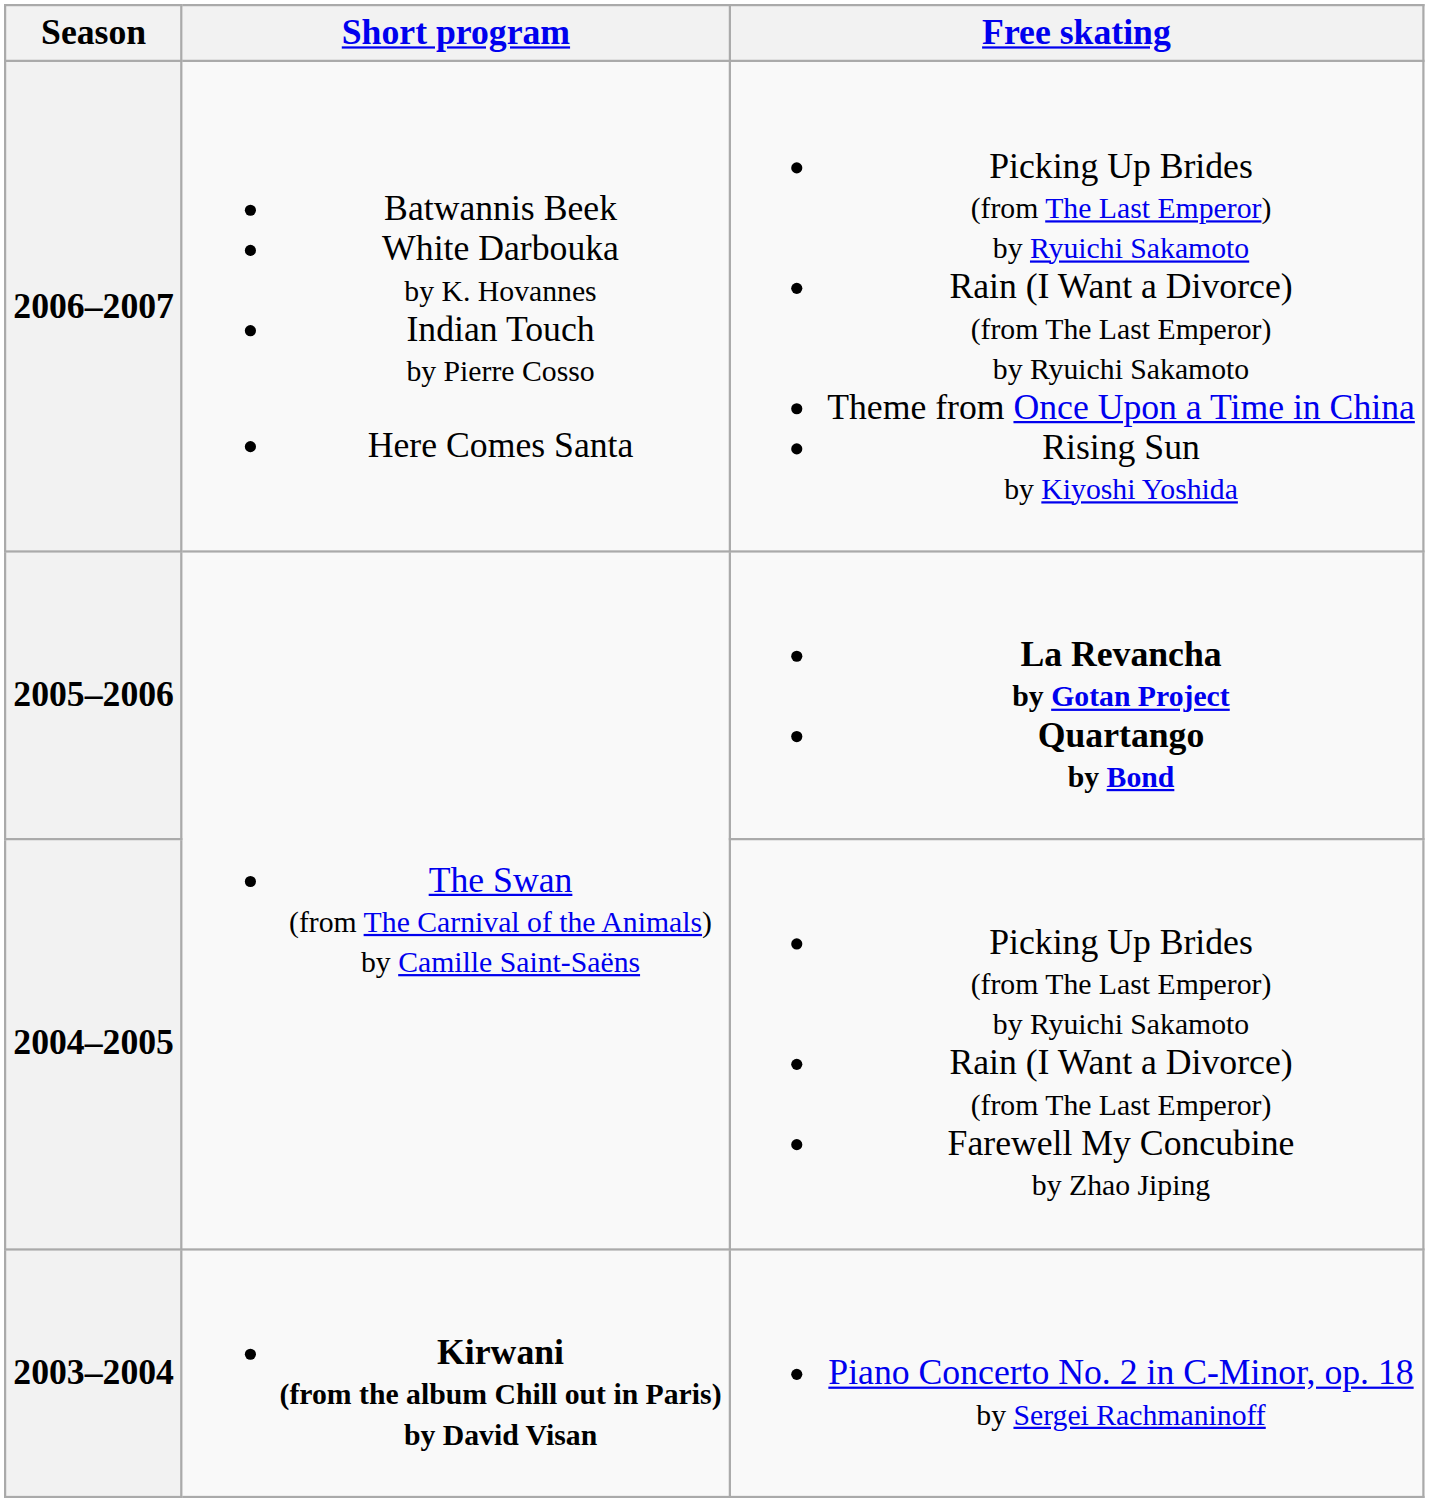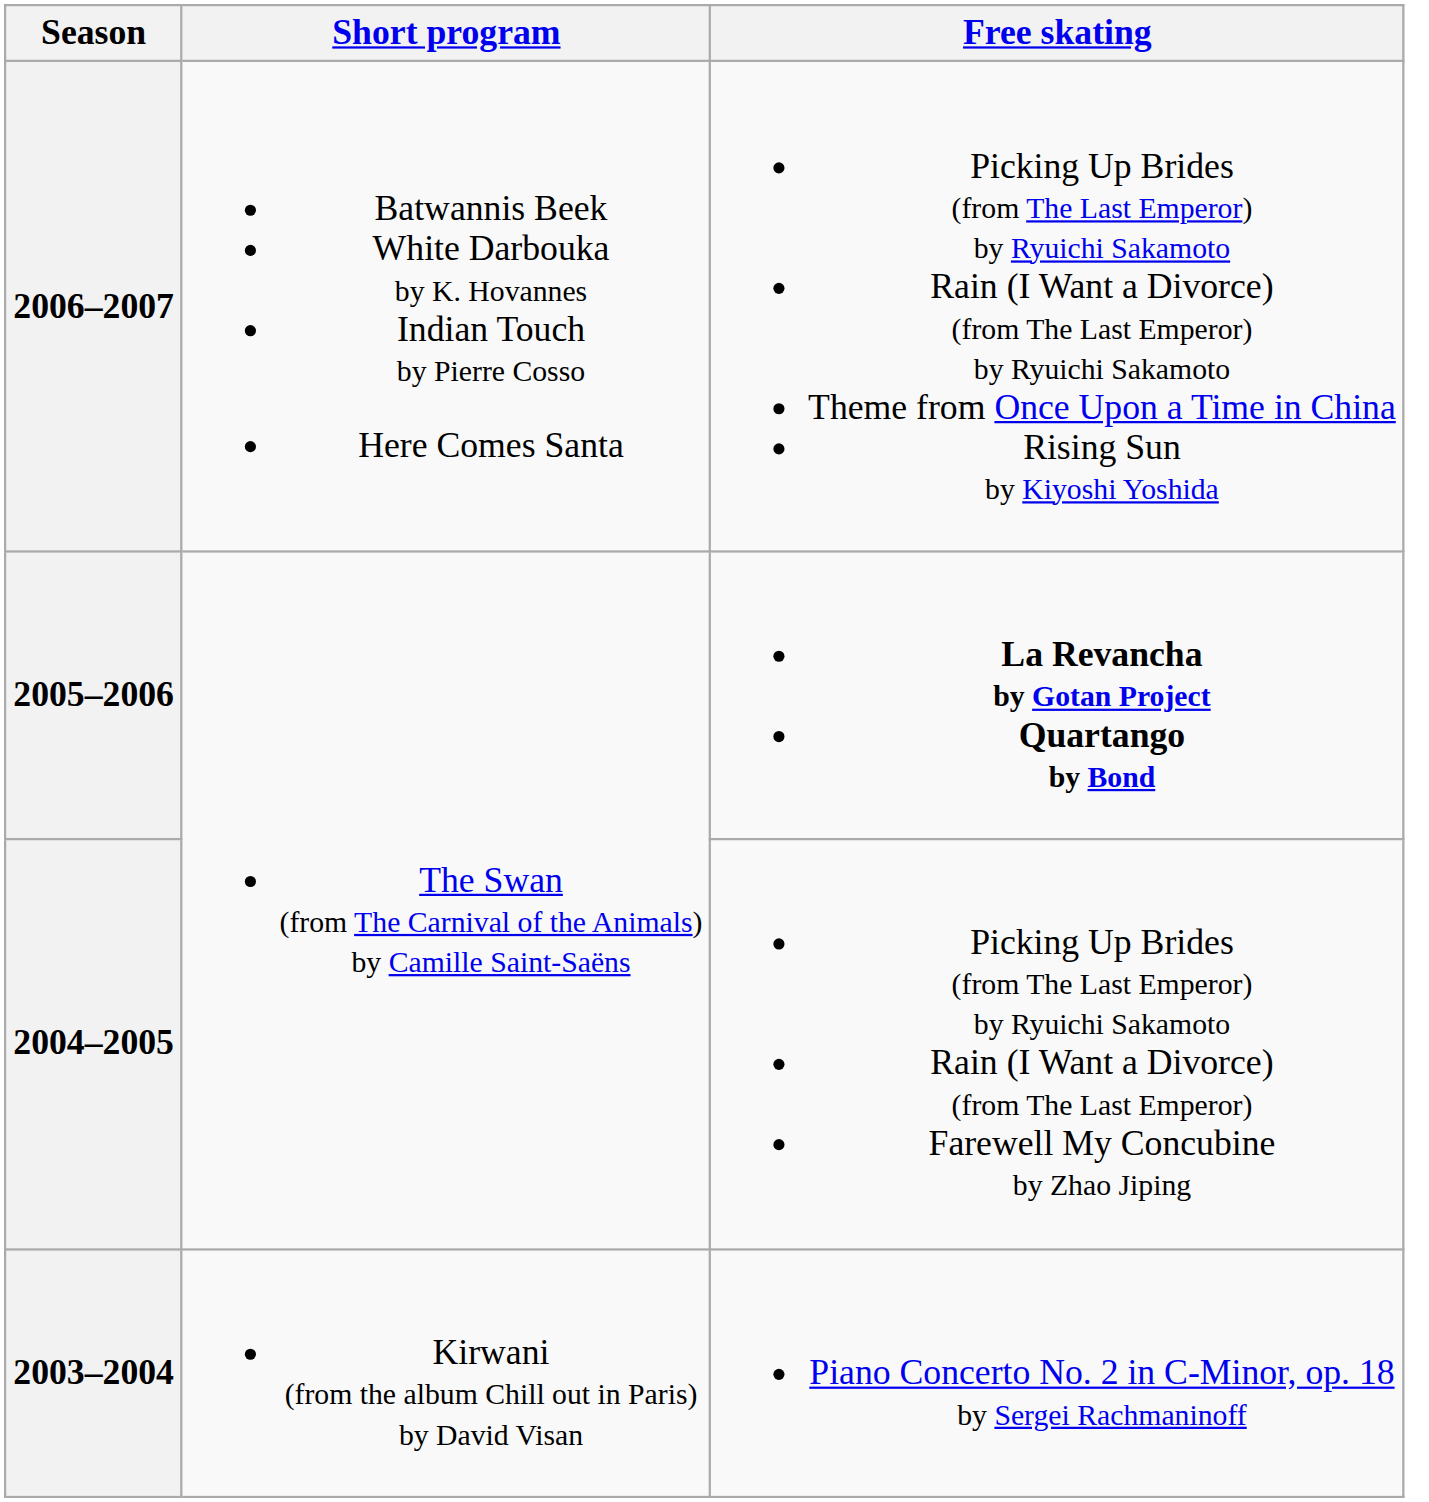 <table class=wikitable style=text-align:center>
 <tr>
 <th>Season</th>
 <th><a href='#'>Short program</a></th>
 <th><a href='#'>Free skating</a></th>
 </tr>
 <tr>
 <th>2006–2007 <br> </th>
 <td><br><ul><li>Batwannis Beek</li><li>White Darbouka <br><small> by K. Hovannes </small></li><li>Indian Touch <br><small> by Pierre Cosso </small></li></ul><ul><li>Here Comes Santa</li></ul></td>
 <td><br><ul><li>Picking Up Brides <br><small> (from <a href='#'>The Last Emperor</a>) <br> by <a href='#'>Ryuichi Sakamoto</a> </small></li><li>Rain (I Want a Divorce) <br><small> (from The Last Emperor) <br> by Ryuichi Sakamoto </small></li><li>Theme from <a href='#'>Once Upon a Time in China</a></li><li>Rising Sun <br><small> by <a href='#'>Kiyoshi Yoshida</a> </small></li></ul></td>
 </tr>
 <tr>
 <th>2005–2006 <br> </th>
 <td rowspan=2><br><ul><li><a href='#'>The Swan</a> <br><small> (from <a href='#'>The Carnival of the Animals</a>) <br> by <a href='#'>Camille Saint-Saëns</a> </small></li></ul></td>
 <td><strong><br><ul><li>La Revancha <br><small> by <a href='#'>Gotan Project</a> </small></li><li>Quartango <br><small> by <a href='#'>Bond</a> </small></li></ul></strong></td>
 </tr>
 <tr>
 <th>2004–2005 <br> </th>
 <td><br><ul><li>Picking Up Brides <br><small> (from The Last Emperor) <br> by Ryuichi Sakamoto </small></li><li>Rain (I Want a Divorce) <br><small> (from The Last Emperor) </small></li><li>Farewell My Concubine <br><small> by Zhao Jiping </small></li></ul></td>
 </tr>
 <tr>
 <th>2003–2004 <br> </th>
-<td><strong><br><ul><li>Kirwani <br><small> (from the album Chill out in Paris) <br> by David Visan </small></li></ul></strong></td>
+<td><br><ul><li>Kirwani <br><small> (from the album Chill out in Paris) <br> by David Visan </small></li></ul></td>
 <td><br><ul><li><a href='#'>Piano Concerto No. 2 in C-Minor, op. 18</a> <br><small> by <a href='#'>Sergei Rachmaninoff</a> </small></li></ul></td>
 </tr>
 </table>
